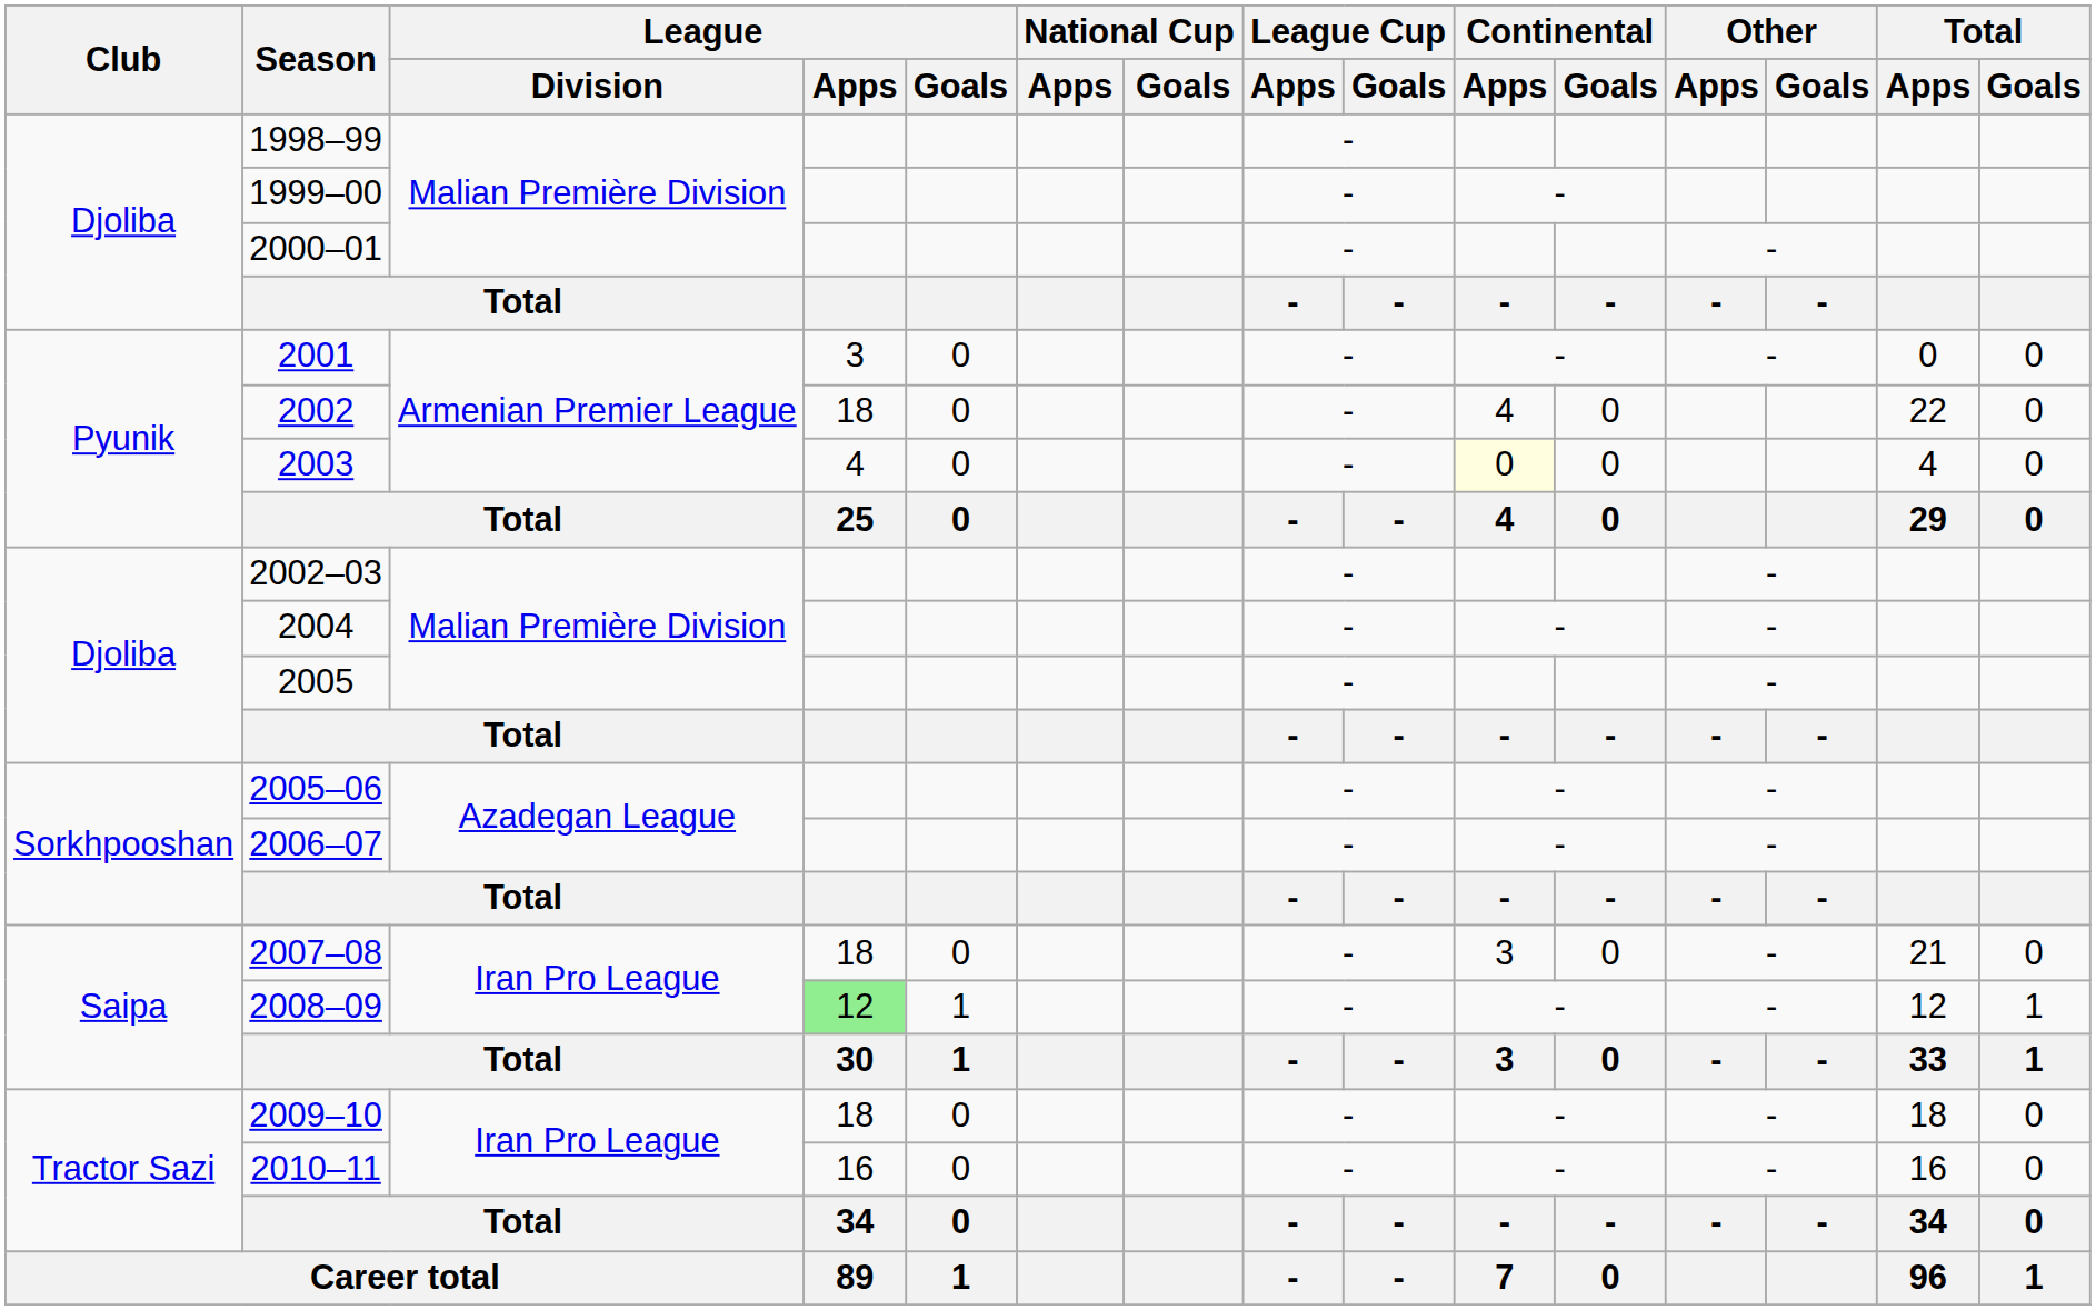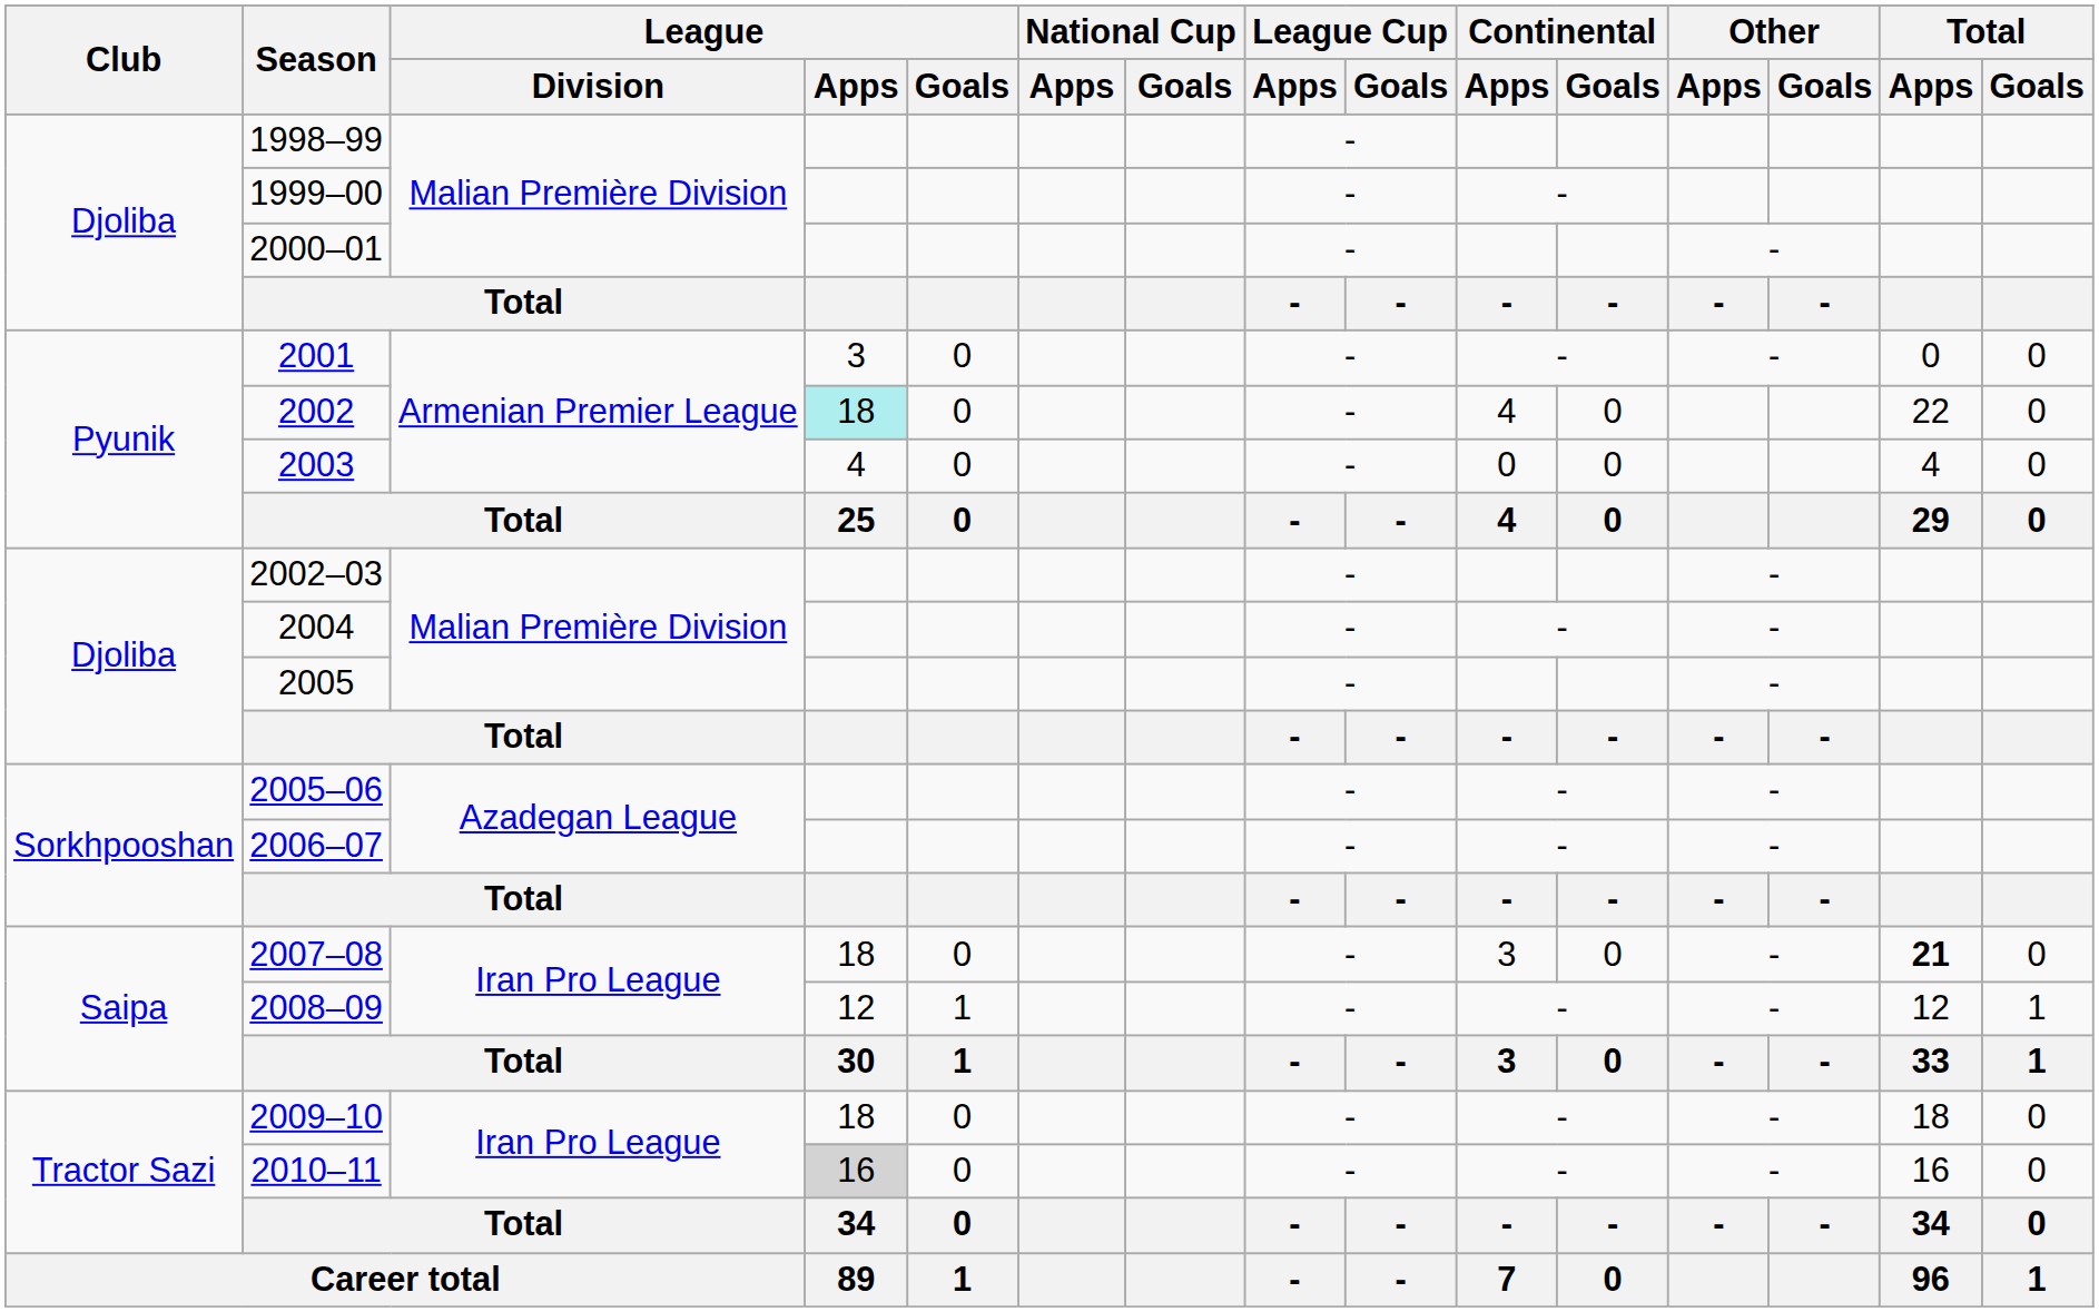 <table class="wikitable" style="text-align:center">
 <tr>
 <th rowspan="2">Club</th>
 <th rowspan="2">Season</th>
 <th colspan="3">League</th>
 <th colspan="2">National Cup</th>
 <th colspan="2">League Cup</th>
 <th colspan="2">Continental</th>
 <th colspan="2">Other</th>
 <th colspan="2">Total</th>
 </tr>
 <tr>
 <th>Division</th>
 <th>Apps</th>
 <th>Goals</th>
 <th>Apps</th>
 <th>Goals</th>
 <th>Apps</th>
 <th>Goals</th>
 <th>Apps</th>
 <th>Goals</th>
 <th>Apps</th>
 <th>Goals</th>
 <th>Apps</th>
 <th>Goals</th>
 </tr>
 <tr>
 <td rowspan="4"><a href='#'>Djoliba</a></td>
 <td>1998–99</td>
 <td rowspan="3"><a href='#'>Malian Première Division</a></td>
 <td></td>
 <td></td>
 <td></td>
 <td></td>
 <td colspan="2">-</td>
 <td></td>
 <td></td>
 <td></td>
 <td></td>
 <td></td>
 <td></td>
 </tr>
 <tr>
 <td>1999–00</td>
 <td></td>
 <td></td>
 <td></td>
 <td></td>
 <td colspan="2">-</td>
 <td colspan="2">-</td>
 <td></td>
 <td></td>
 <td></td>
 <td></td>
 </tr>
 <tr>
 <td>2000–01</td>
 <td></td>
 <td></td>
 <td></td>
 <td></td>
 <td colspan="2">-</td>
 <td></td>
 <td></td>
 <td colspan="2">-</td>
 <td></td>
 <td></td>
 </tr>
 <tr>
 <th colspan="2">Total</th>
 <th></th>
 <th></th>
 <th></th>
 <th></th>
 <th>-</th>
 <th>-</th>
 <th>-</th>
 <th>-</th>
 <th>-</th>
 <th>-</th>
 <th></th>
 <th></th>
 </tr>
 <tr>
 <td rowspan="4"><a href='#'>Pyunik</a></td>
 <td><a href='#'>2001</a></td>
 <td rowspan="3"><a href='#'>Armenian Premier League</a></td>
 <td>3</td>
 <td>0</td>
 <td></td>
 <td></td>
 <td colspan="2">-</td>
 <td colspan="2">-</td>
 <td colspan="2">-</td>
 <td>0</td>
 <td>0</td>
 </tr>
 <tr>
 <td><a href='#'>2002</a></td>
-<td>18</td>
+<td style="background: paleturquoise;">18</td>
 <td>0</td>
 <td></td>
 <td></td>
 <td colspan="2">-</td>
 <td>4</td>
 <td>0</td>
 <td></td>
 <td></td>
 <td>22</td>
 <td>0</td>
 </tr>
 <tr>
 <td><a href='#'>2003</a></td>
 <td>4</td>
 <td>0</td>
 <td></td>
 <td></td>
 <td colspan="2">-</td>
-<td style="background: lightyellow;">0</td>
+<td>0</td>
 <td>0</td>
 <td></td>
 <td></td>
 <td>4</td>
 <td>0</td>
 </tr>
 <tr>
 <th colspan="2">Total</th>
 <th>25</th>
 <th>0</th>
 <th></th>
 <th></th>
 <th>-</th>
 <th>-</th>
 <th>4</th>
 <th>0</th>
 <th></th>
 <th></th>
 <th>29</th>
 <th>0</th>
 </tr>
 <tr>
 <td rowspan="4"><a href='#'>Djoliba</a></td>
 <td>2002–03</td>
 <td rowspan="3"><a href='#'>Malian Première Division</a></td>
 <td></td>
 <td></td>
 <td></td>
 <td></td>
 <td colspan="2">-</td>
 <td></td>
 <td></td>
 <td colspan="2">-</td>
 <td></td>
 <td></td>
 </tr>
 <tr>
 <td>2004</td>
 <td></td>
 <td></td>
 <td></td>
 <td></td>
 <td colspan="2">-</td>
 <td colspan="2">-</td>
 <td colspan="2">-</td>
 <td></td>
 <td></td>
 </tr>
 <tr>
 <td>2005</td>
 <td></td>
 <td></td>
 <td></td>
 <td></td>
 <td colspan="2">-</td>
 <td></td>
 <td></td>
 <td colspan="2">-</td>
 <td></td>
 <td></td>
 </tr>
 <tr>
 <th colspan="2">Total</th>
 <th></th>
 <th></th>
 <th></th>
 <th></th>
 <th>-</th>
 <th>-</th>
 <th>-</th>
 <th>-</th>
 <th>-</th>
 <th>-</th>
 <th></th>
 <th></th>
 </tr>
 <tr>
 <td rowspan="3"><a href='#'>Sorkhpooshan</a></td>
 <td><a href='#'>2005–06</a></td>
 <td rowspan="2"><a href='#'>Azadegan League</a></td>
 <td></td>
 <td></td>
 <td></td>
 <td></td>
 <td colspan="2">-</td>
 <td colspan="2">-</td>
 <td colspan="2">-</td>
 <td></td>
 <td></td>
 </tr>
 <tr>
 <td><a href='#'>2006–07</a></td>
 <td></td>
 <td></td>
 <td></td>
 <td></td>
 <td colspan="2">-</td>
 <td colspan="2">-</td>
 <td colspan="2">-</td>
 <td></td>
 <td></td>
 </tr>
 <tr>
 <th colspan="2">Total</th>
 <th></th>
 <th></th>
 <th></th>
 <th></th>
 <th>-</th>
 <th>-</th>
 <th>-</th>
 <th>-</th>
 <th>-</th>
 <th>-</th>
 <th></th>
 <th></th>
 </tr>
 <tr>
 <td rowspan="3"><a href='#'>Saipa</a></td>
 <td><a href='#'>2007–08</a></td>
 <td rowspan="2"><a href='#'>Iran Pro League</a></td>
 <td>18</td>
 <td>0</td>
 <td></td>
 <td></td>
 <td colspan="2">-</td>
 <td>3</td>
 <td>0</td>
 <td colspan="2">-</td>
-<td>21</td>
+<td><strong>21</strong></td>
 <td>0</td>
 </tr>
 <tr>
 <td><a href='#'>2008–09</a></td>
-<td style="background: lightgreen;">12</td>
+<td>12</td>
 <td>1</td>
 <td></td>
 <td></td>
 <td colspan="2">-</td>
 <td colspan="2">-</td>
 <td colspan="2">-</td>
 <td>12</td>
 <td>1</td>
 </tr>
 <tr>
 <th colspan="2">Total</th>
 <th>30</th>
 <th>1</th>
 <th></th>
 <th></th>
 <th>-</th>
 <th>-</th>
 <th>3</th>
 <th>0</th>
 <th>-</th>
 <th>-</th>
 <th>33</th>
 <th>1</th>
 </tr>
 <tr>
 <td rowspan="3"><a href='#'>Tractor Sazi</a></td>
 <td><a href='#'>2009–10</a></td>
 <td rowspan="2"><a href='#'>Iran Pro League</a></td>
 <td>18</td>
 <td>0</td>
 <td></td>
 <td></td>
 <td colspan="2">-</td>
 <td colspan="2">-</td>
 <td colspan="2">-</td>
 <td>18</td>
 <td>0</td>
 </tr>
 <tr>
 <td><a href='#'>2010–11</a></td>
-<td>16</td>
+<td style="background: lightgrey;">16</td>
 <td>0</td>
 <td></td>
 <td></td>
 <td colspan="2">-</td>
 <td colspan="2">-</td>
 <td colspan="2">-</td>
 <td>16</td>
 <td>0</td>
 </tr>
 <tr>
 <th colspan="2">Total</th>
 <th>34</th>
 <th>0</th>
 <th></th>
 <th></th>
 <th>-</th>
 <th>-</th>
 <th>-</th>
 <th>-</th>
 <th>-</th>
 <th>-</th>
 <th>34</th>
 <th>0</th>
 </tr>
 <tr>
 <th colspan="3">Career total</th>
 <th>89</th>
 <th>1</th>
 <th></th>
 <th></th>
 <th>-</th>
 <th>-</th>
 <th>7</th>
 <th>0</th>
 <th></th>
 <th></th>
 <th>96</th>
 <th>1</th>
 </tr>
 </table>
